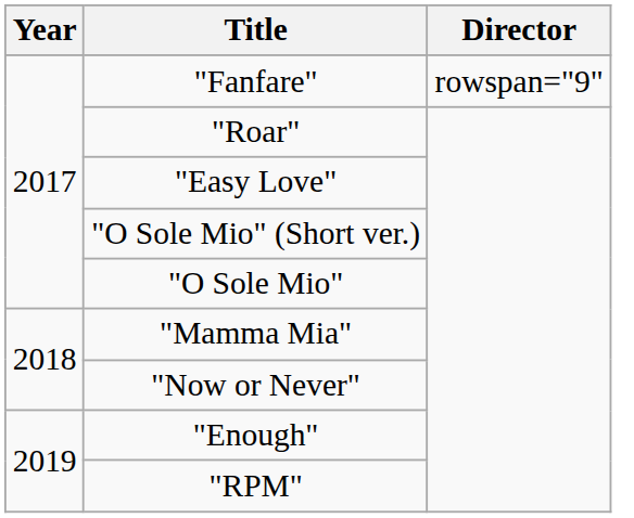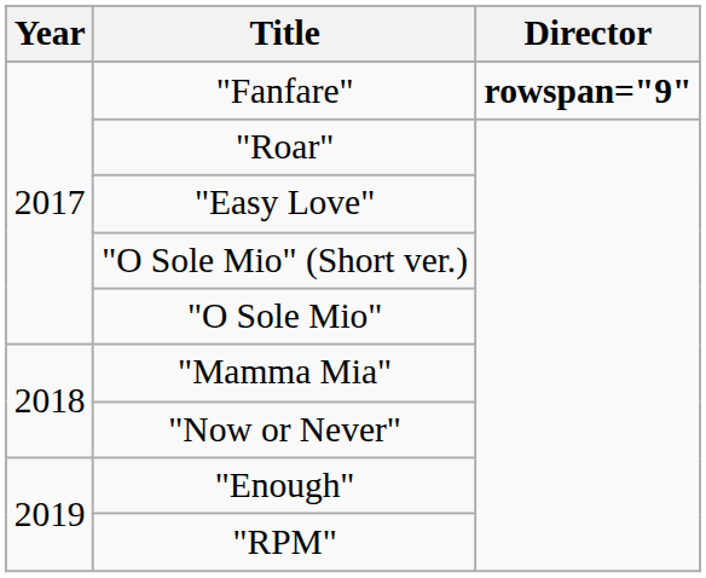 <table class="wikitable plainrowheaders" style="text-align:center">
 <tr>
 <th scope="col">Year</th>
 <th scope="col">Title</th>
 <th scope="col">Director</th>
 </tr>
 <tr>
 <td rowspan="5">2017</td>
 <td>"Fanfare"</td>
-<td>rowspan="9" </td>
+<td><strong>rowspan="9" </strong></td>
 </tr>
 <tr>
 <td>"Roar"</td>
 </tr>
 <tr>
 <td>"Easy Love"</td>
 </tr>
 <tr>
 <td>"O Sole Mio" (Short ver.)</td>
 </tr>
 <tr>
 <td>"O Sole Mio"</td>
 </tr>
 <tr>
 <td rowspan="2">2018</td>
 <td>"Mamma Mia"</td>
 </tr>
 <tr>
 <td>"Now or Never"</td>
 </tr>
 <tr>
 <td rowspan="2">2019</td>
 <td>"Enough"</td>
 </tr>
 <tr>
 <td>"RPM"</td>
 </tr>
 </table>
